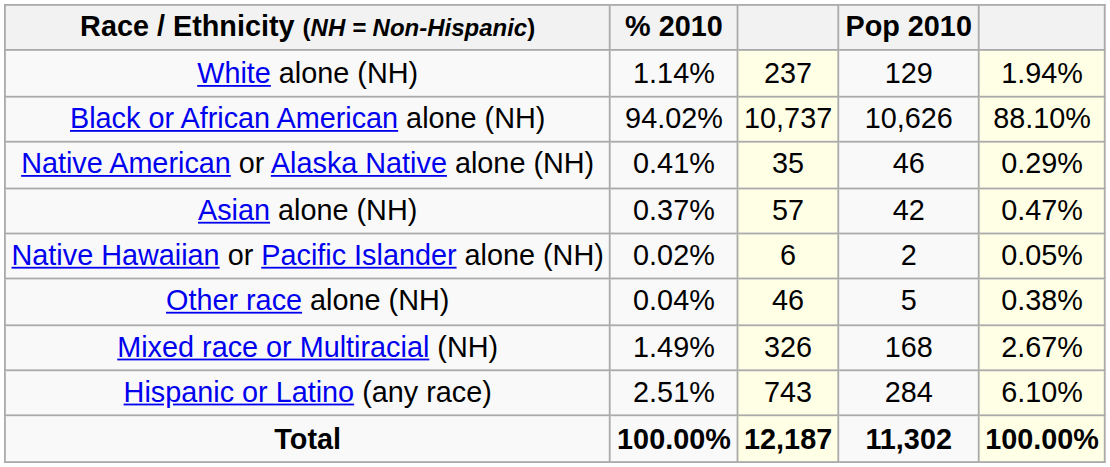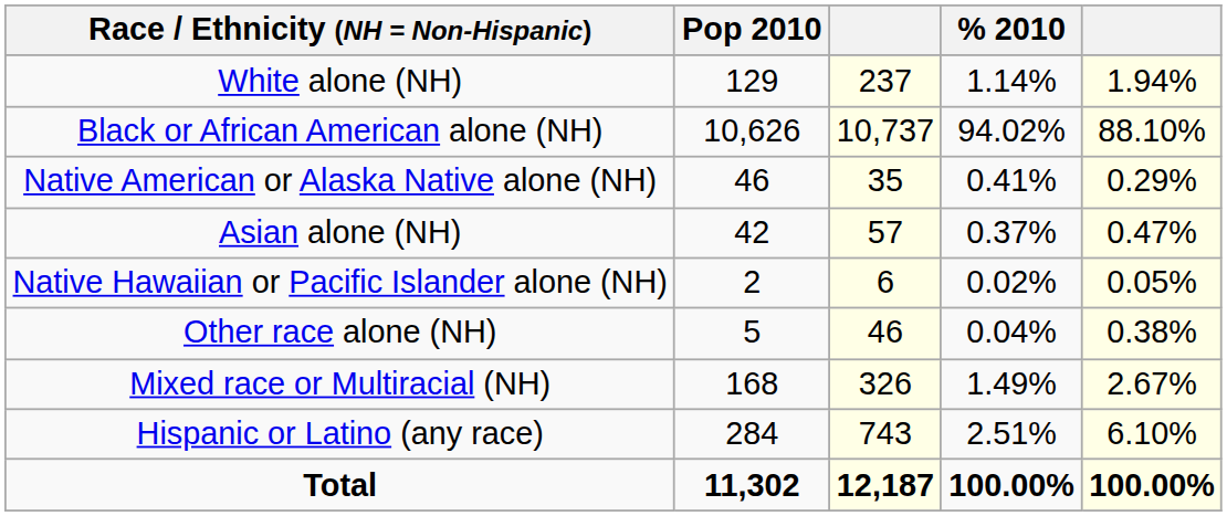 <table class="wikitable" style="text-align:center;">
 <tr>
 <th>Race / Ethnicity <small>(<em>NH = Non-Hispanic</em>)</small></th>
+<th>Pop 2010</th>
+<th></th>
 <th>% 2010</th>
-<th></th>
-<th>Pop 2010</th>
 <th></th>
 </tr>
 <tr>
 <td><a href='#'>White</a> alone (NH)</td>
+<td>129</td>
+<td style='background: #ffffe6;'>237</td>
 <td>1.14%</td>
-<td style='background: #ffffe6;'>237</td>
-<td>129</td>
 <td style='background: #ffffe6;'>1.94%</td>
 </tr>
 <tr>
 <td><a href='#'>Black or African American</a> alone (NH)</td>
+<td>10,626</td>
+<td style='background: #ffffe6;'>10,737</td>
 <td>94.02%</td>
-<td style='background: #ffffe6;'>10,737</td>
-<td>10,626</td>
 <td style='background: #ffffe6;'>88.10%</td>
 </tr>
 <tr>
 <td><a href='#'>Native American</a> or <a href='#'>Alaska Native</a> alone (NH)</td>
+<td>46</td>
+<td style='background: #ffffe6;'>35</td>
 <td>0.41%</td>
-<td style='background: #ffffe6;'>35</td>
-<td>46</td>
 <td style='background: #ffffe6;'>0.29%</td>
 </tr>
 <tr>
 <td><a href='#'>Asian</a> alone (NH)</td>
+<td>42</td>
+<td style='background: #ffffe6;'>57</td>
 <td>0.37%</td>
-<td style='background: #ffffe6;'>57</td>
-<td>42</td>
 <td style='background: #ffffe6;'>0.47%</td>
 </tr>
 <tr>
 <td><a href='#'>Native Hawaiian</a> or <a href='#'>Pacific Islander</a> alone (NH)</td>
+<td>2</td>
+<td style='background: #ffffe6;'>6</td>
 <td>0.02%</td>
-<td style='background: #ffffe6;'>6</td>
-<td>2</td>
 <td style='background: #ffffe6;'>0.05%</td>
 </tr>
 <tr>
 <td><a href='#'>Other race</a> alone (NH)</td>
+<td>5</td>
+<td style='background: #ffffe6;'>46</td>
 <td>0.04%</td>
-<td style='background: #ffffe6;'>46</td>
-<td>5</td>
 <td style='background: #ffffe6;'>0.38%</td>
 </tr>
 <tr>
 <td><a href='#'>Mixed race or Multiracial</a> (NH)</td>
+<td>168</td>
+<td style='background: #ffffe6;'>326</td>
 <td>1.49%</td>
-<td style='background: #ffffe6;'>326</td>
-<td>168</td>
 <td style='background: #ffffe6;'>2.67%</td>
 </tr>
 <tr>
 <td><a href='#'>Hispanic or Latino</a> (any race)</td>
+<td>284</td>
+<td style='background: #ffffe6;'>743</td>
 <td>2.51%</td>
-<td style='background: #ffffe6;'>743</td>
-<td>284</td>
 <td style='background: #ffffe6;'>6.10%</td>
 </tr>
 <tr>
 <td><strong>Total</strong></td>
+<td><strong>11,302</strong></td>
+<td style='background: #ffffe6;'><strong>12,187</strong></td>
 <td><strong>100.00%</strong></td>
-<td style='background: #ffffe6;'><strong>12,187</strong></td>
-<td><strong>11,302</strong></td>
 <td style='background: #ffffe6;'><strong>100.00%</strong></td>
 </tr>
 </table>
